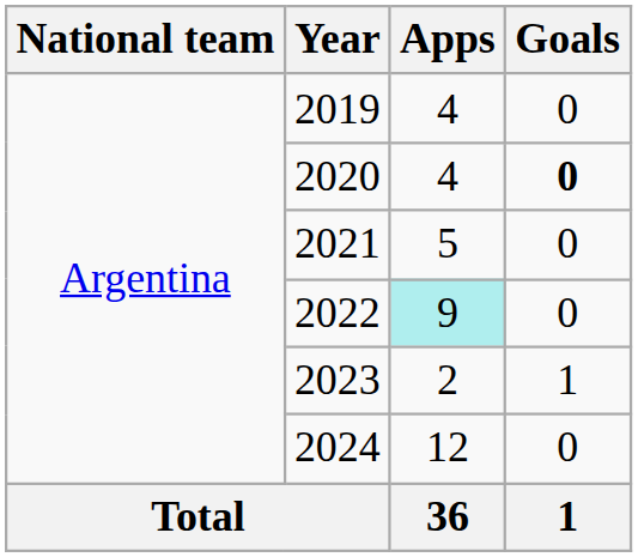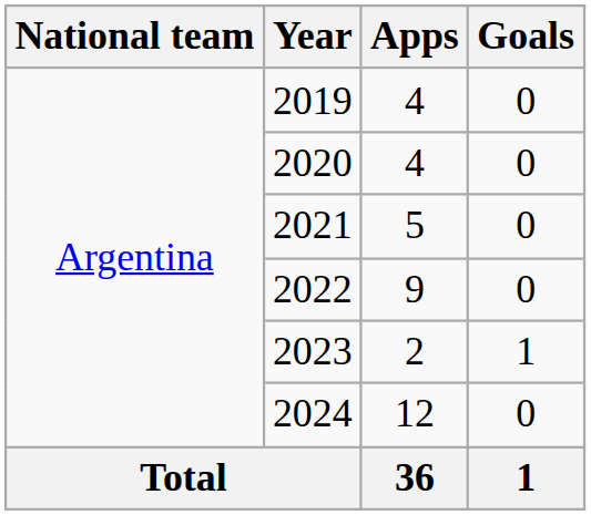 <table class="wikitable" style="text-align:center">
 <tr>
 <th>National team</th>
 <th>Year</th>
 <th>Apps</th>
 <th>Goals</th>
 </tr>
 <tr>
 <td rowspan="6"><a href='#'>Argentina</a></td>
 <td>2019</td>
 <td>4</td>
 <td>0</td>
 </tr>
 <tr>
 <td>2020</td>
 <td>4</td>
-<td><strong>0</strong></td>
+<td>0</td>
 </tr>
 <tr>
 <td>2021</td>
 <td>5</td>
 <td>0</td>
 </tr>
 <tr>
 <td>2022</td>
-<td style="background: paleturquoise;">9</td>
+<td>9</td>
 <td>0</td>
 </tr>
 <tr>
 <td>2023</td>
 <td>2</td>
 <td>1</td>
 </tr>
 <tr>
 <td>2024</td>
 <td>12</td>
 <td>0</td>
 </tr>
 <tr>
 <th colspan="2">Total</th>
 <th>36</th>
 <th>1</th>
 </tr>
 </table>
